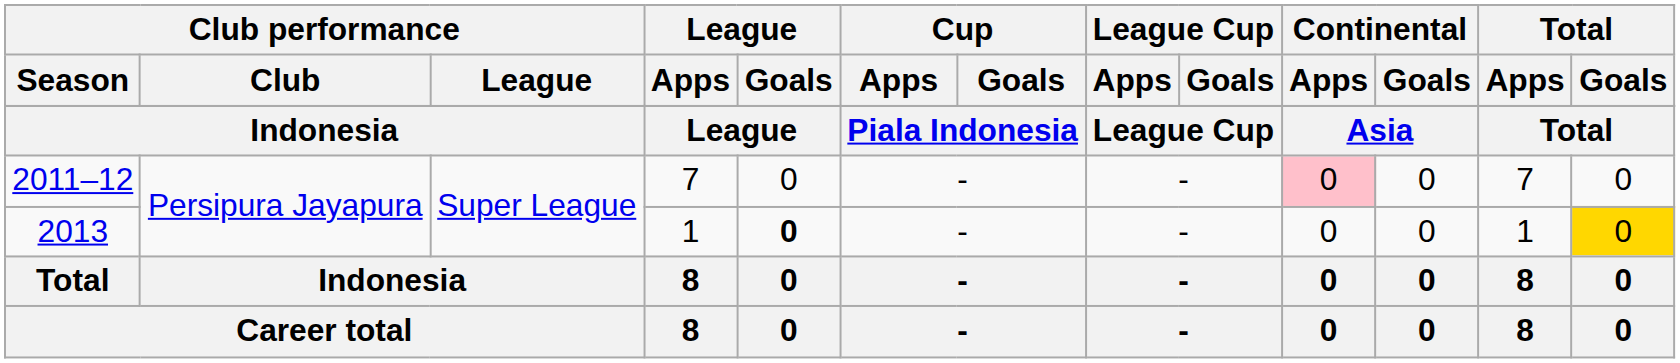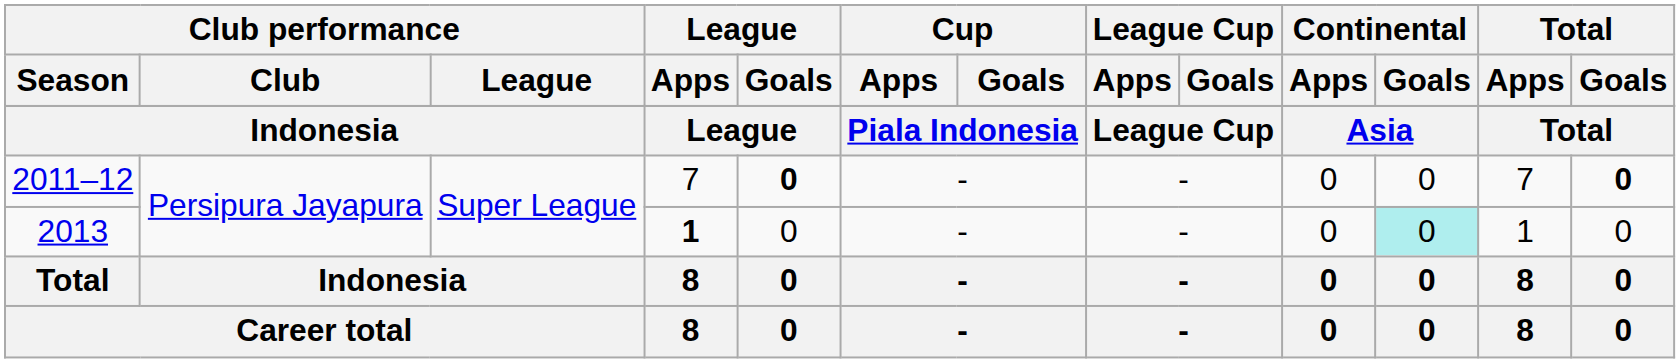 <table class="wikitable" style="text-align:center">
 <tr>
 <th colspan=3>Club performance</th>
 <th colspan=2>League</th>
 <th colspan=2>Cup</th>
 <th colspan=2>League Cup</th>
 <th colspan=2>Continental</th>
 <th colspan=2>Total</th>
 </tr>
 <tr>
 <th>Season</th>
 <th>Club</th>
 <th>League</th>
 <th>Apps</th>
 <th>Goals</th>
 <th>Apps</th>
 <th>Goals</th>
 <th>Apps</th>
 <th>Goals</th>
 <th>Apps</th>
 <th>Goals</th>
 <th>Apps</th>
 <th>Goals</th>
 </tr>
 <tr>
 </tr>
 <tr>
 <th colspan=3>Indonesia</th>
 <th colspan=2>League</th>
 <th colspan=2><a href='#'>Piala Indonesia</a></th>
 <th colspan=2>League Cup</th>
 <th colspan=2><a href='#'>Asia</a></th>
 <th colspan=2>Total</th>
 </tr>
 <tr>
 <td><a href='#'>2011–12</a></td>
 <td rowspan="2"><a href='#'>Persipura Jayapura</a></td>
 <td rowspan="2"><a href='#'>Super League</a></td>
 <td>7</td>
-<td>0</td>
-<td colspan="2">-</td>
-<td colspan="2">-</td>
-<td style="background: pink;">0</td>
-<td>0</td>
-<td>7</td>
-<td>0</td>
-</tr>
-<tr>
-<td><a href='#'>2013</a></td>
-<td>1</td>
 <td><strong>0</strong></td>
 <td colspan="2">-</td>
 <td colspan="2">-</td>
 <td>0</td>
 <td>0</td>
+<td>7</td>
+<td><strong>0</strong></td>
+</tr>
+<tr>
+<td><a href='#'>2013</a></td>
+<td><strong>1</strong></td>
+<td>0</td>
+<td colspan="2">-</td>
+<td colspan="2">-</td>
+<td>0</td>
+<td style="background: paleturquoise;">0</td>
 <td>1</td>
-<td style="background: gold;">0</td>
+<td>0</td>
 </tr>
 <tr>
 <th rowspan=1>Total</th>
 <th colspan=2>Indonesia</th>
 <th>8</th>
 <th>0</th>
 <th colspan="2">-</th>
 <th colspan="2">-</th>
 <th>0</th>
 <th>0</th>
 <th>8</th>
 <th>0</th>
 </tr>
 <tr>
 <th colspan=3>Career total</th>
 <th>8</th>
 <th>0</th>
 <th colspan="2">-</th>
 <th colspan="2">-</th>
 <th>0</th>
 <th>0</th>
 <th>8</th>
 <th>0</th>
 </tr>
 </table>
